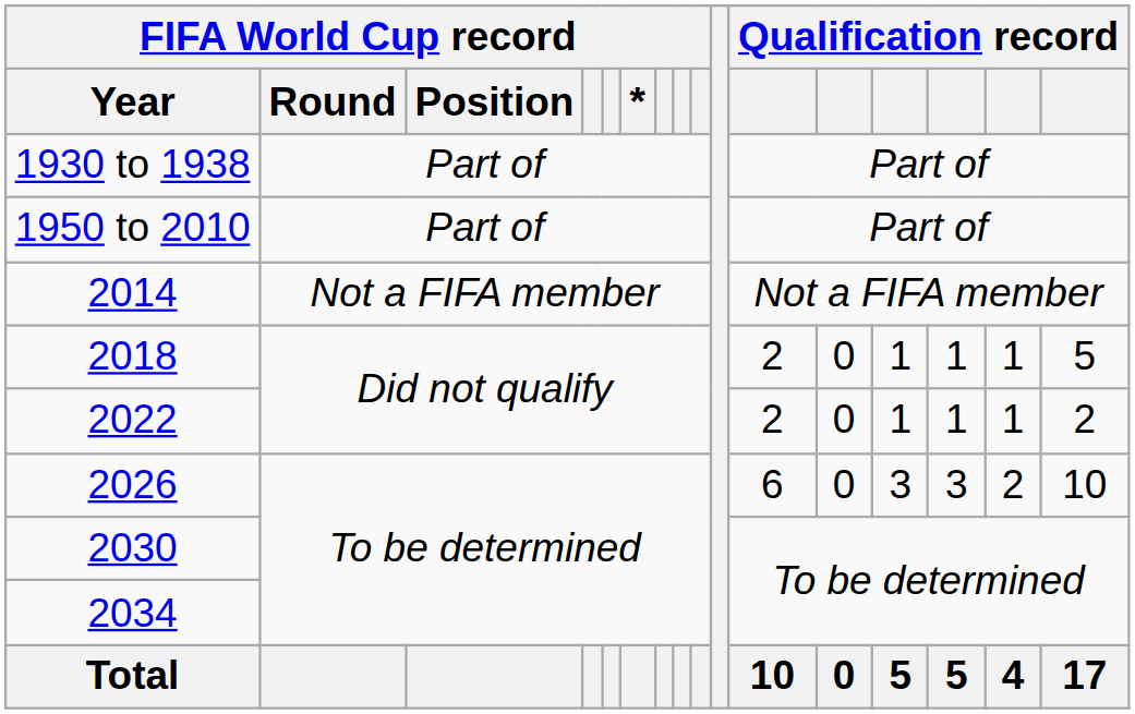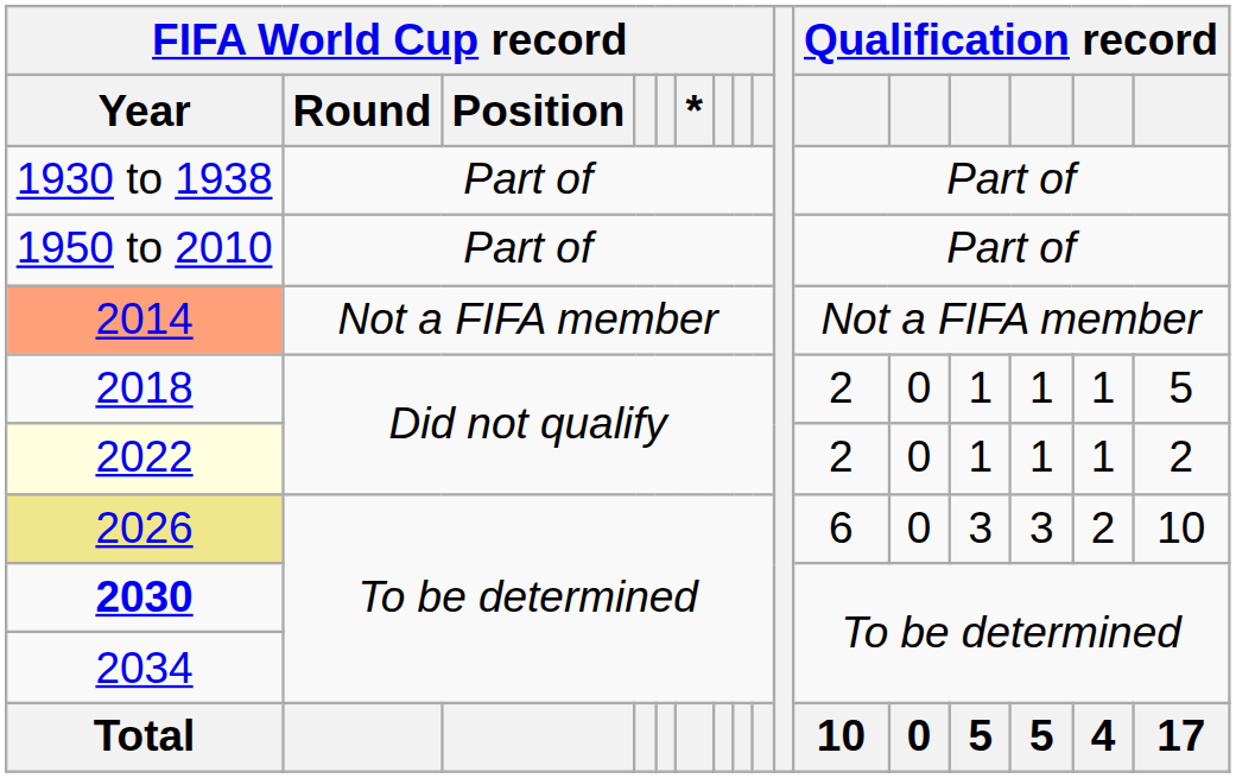 <table class="wikitable" style="text-align:center">
 <tr>
 <th colspan=9><a href='#'>FIFA World Cup</a> record</th>
 <th rowspan=39></th>
 <th colspan=6><a href='#'>Qualification</a> record</th>
 </tr>
 <tr>
 <th>Year</th>
 <th>Round</th>
 <th>Position</th>
 <th></th>
 <th></th>
 <th>*</th>
 <th></th>
 <th></th>
 <th></th>
 <th></th>
 <th></th>
 <th></th>
 <th></th>
 <th></th>
 <th></th>
 </tr>
 <tr>
 <td><a href='#'>1930</a> to <a href='#'>1938</a></td>
 <td colspan=8><em>Part of </em></td>
 <td colspan=8><em>Part of </em></td>
 </tr>
 <tr>
 <td><a href='#'>1950</a> to <a href='#'>2010</a></td>
 <td colspan=8><em>Part of </em></td>
 <td colspan=6><em>Part of </em></td>
 </tr>
 <tr>
-<td> <a href='#'>2014</a></td>
+<td style="background: lightsalmon;"> <a href='#'>2014</a></td>
 <td colspan=8><em>Not a FIFA member</em></td>
 <td colspan=6><em>Not a FIFA member</em></td>
 </tr>
 <tr>
 <td> <a href='#'>2018</a></td>
 <td colspan=8 rowspan=2><em>Did not qualify</em></td>
 <td>2</td>
 <td>0</td>
 <td>1</td>
 <td>1</td>
 <td>1</td>
 <td>5</td>
 </tr>
 <tr>
-<td> <a href='#'>2022</a></td>
+<td style="background: lightyellow;"> <a href='#'>2022</a></td>
 <td>2</td>
 <td>0</td>
 <td>1</td>
 <td>1</td>
 <td>1</td>
 <td>2</td>
 </tr>
 <tr>
-<td>   <a href='#'>2026</a></td>
+<td style="background: khaki;">   <a href='#'>2026</a></td>
 <td colspan=8 rowspan=3><em>To be determined</em></td>
 <td>6</td>
 <td>0</td>
 <td>3</td>
 <td>3</td>
 <td>2</td>
 <td>10</td>
 </tr>
 <tr>
-<td>   <a href='#'>2030</a></td>
+<td><strong>   <a href='#'>2030</a></strong></td>
 <td colspan=6 rowspan=2><em>To be determined</em></td>
 </tr>
 <tr>
 <td> <a href='#'>2034</a></td>
 </tr>
 <tr>
 <th>Total</th>
 <th></th>
 <th></th>
 <th></th>
 <th></th>
 <th></th>
 <th></th>
 <th></th>
 <th></th>
 <th>10</th>
 <th>0</th>
 <th>5</th>
 <th>5</th>
 <th>4</th>
 <th>17</th>
 </tr>
 </table>
